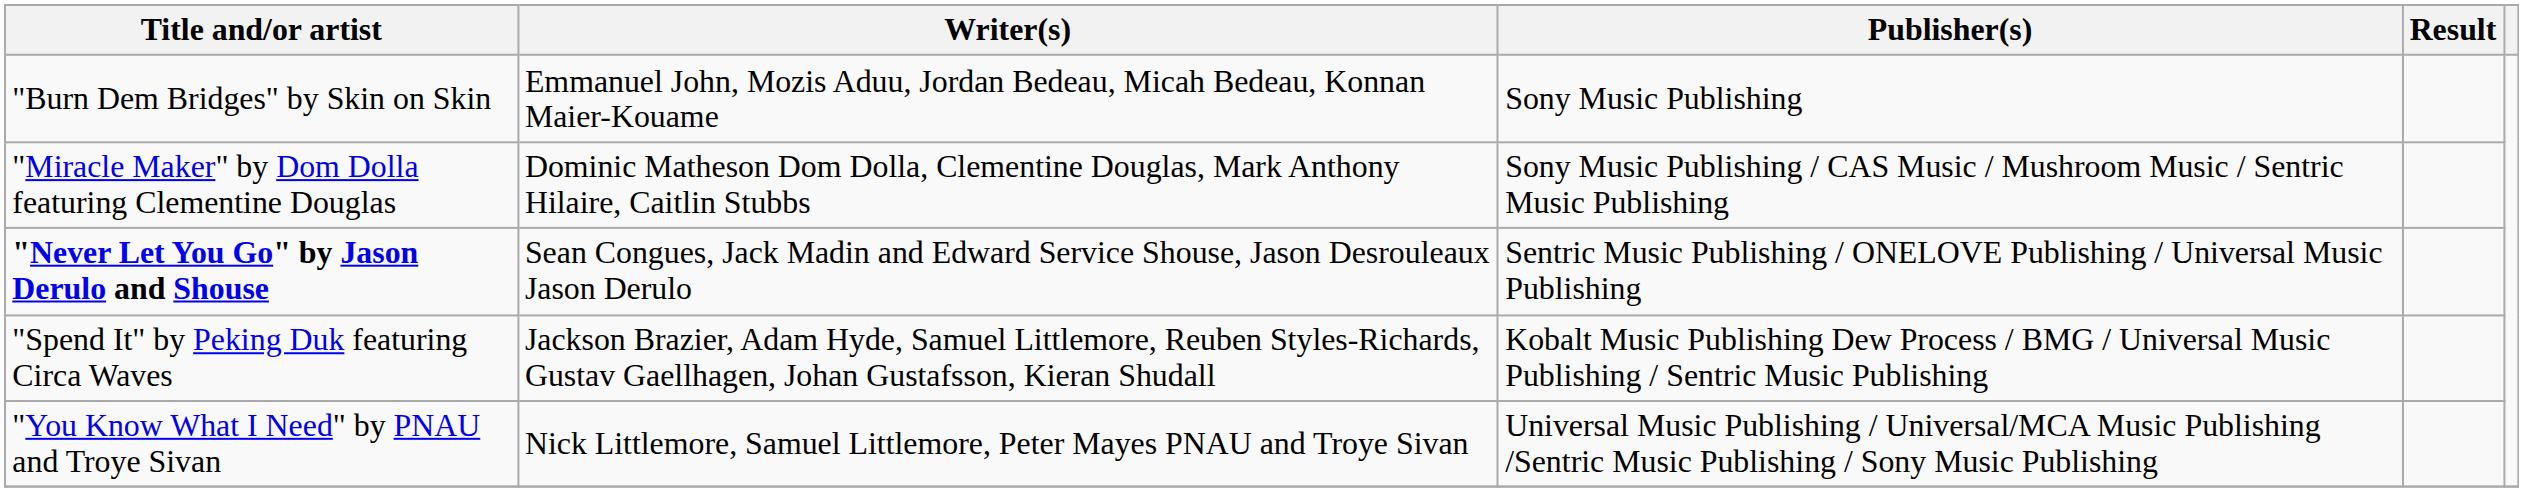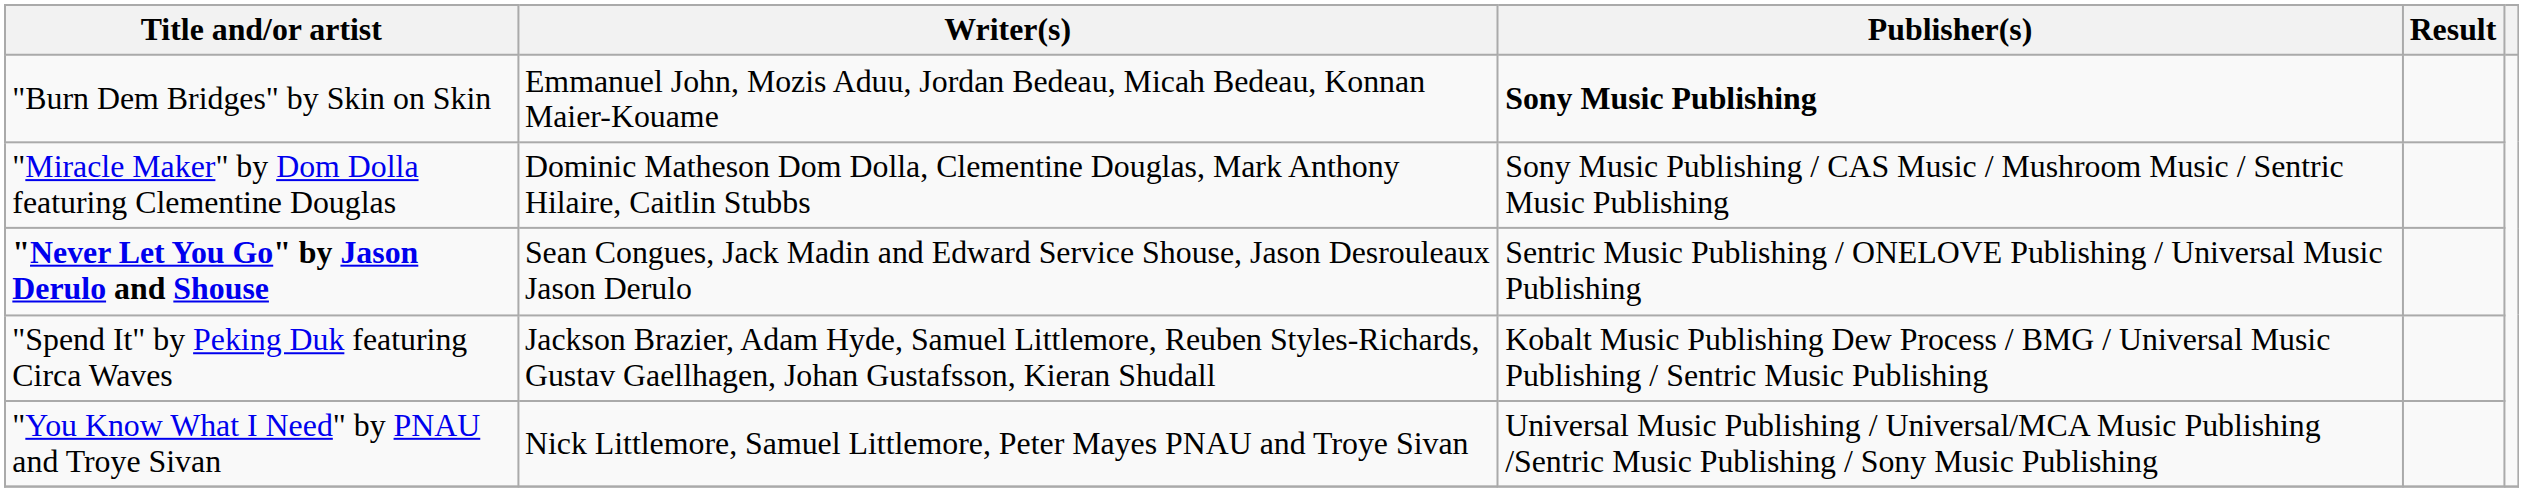 <table class="wikitable" width=100%>
 <tr>
 <th scope="col">Title and/or artist</th>
 <th scope="col">Writer(s)</th>
 <th scope="col">Publisher(s)</th>
 <th scope="col">Result</th>
 <th scope="col"></th>
 </tr>
 <tr>
 <td>"Burn Dem Bridges" by Skin on Skin</td>
 <td>Emmanuel John, Mozis Aduu, Jordan Bedeau, Micah Bedeau, Konnan Maier-Kouame</td>
-<td>Sony Music Publishing</td>
+<td><strong>Sony Music Publishing</strong></td>
 <td></td>
 <td rowspan="5"></td>
 </tr>
 <tr>
 <td>"<a href='#'>Miracle Maker</a>" by <a href='#'>Dom Dolla</a> featuring Clementine Douglas</td>
 <td>Dominic Matheson  Dom Dolla, Clementine Douglas, Mark Anthony Hilaire, Caitlin Stubbs</td>
 <td>Sony Music Publishing / CAS Music / Mushroom Music / Sentric Music Publishing</td>
 <td></td>
 </tr>
 <tr>
 <td><strong>"<a href='#'>Never Let You Go</a>" by <a href='#'>Jason Derulo</a> and <a href='#'>Shouse</a></strong></td>
 <td>Sean Congues, Jack Madin and Edward Service  Shouse, Jason Desrouleaux  Jason Derulo</td>
 <td>Sentric Music Publishing / ONELOVE Publishing / Universal Music Publishing</td>
 <td></td>
 </tr>
 <tr>
 <td>"Spend It" by <a href='#'>Peking Duk</a> featuring Circa Waves</td>
 <td>Jackson Brazier, Adam Hyde, Samuel Littlemore, Reuben Styles-Richards, Gustav Gaellhagen, Johan Gustafsson, Kieran Shudall</td>
 <td>Kobalt Music Publishing  Dew Process / BMG / Universal Music Publishing / Sentric Music Publishing</td>
 <td></td>
 </tr>
 <tr>
 <td>"<a href='#'>You Know What I Need</a>" by <a href='#'>PNAU</a> and Troye Sivan</td>
 <td>Nick Littlemore, Samuel Littlemore, Peter Mayes  PNAU and Troye Sivan</td>
 <td>Universal Music Publishing / Universal/MCA Music Publishing /Sentric Music Publishing / Sony Music Publishing</td>
 <td></td>
 </tr>
 <tr>
 </tr>
 </table>
